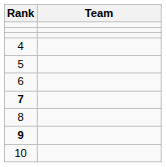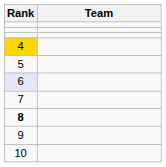 <table class="wikitable">
 <tr>
 <th>Rank</th>
 <th width=170>Team</th>
 </tr>
 <tr>
 <td align=center></td>
 <td></td>
 </tr>
 <tr>
 <td align=center></td>
 <td></td>
 </tr>
 <tr>
 <td align=center></td>
 <td></td>
 </tr>
 <tr>
-<td align=center>4</td>
+<td align=center style="background: gold;">4</td>
 <td></td>
 </tr>
 <tr>
 <td align=center>5</td>
 <td></td>
 </tr>
 <tr>
-<td align=center>6</td>
+<td align=center style="background: lavender;">6</td>
 <td></td>
 </tr>
 <tr>
-<td align=center><strong>7</strong></td>
+<td align=center>7</td>
 <td></td>
 </tr>
 <tr>
-<td align=center>8</td>
+<td align=center><strong>8</strong></td>
 <td></td>
 </tr>
 <tr>
-<td align=center><strong>9</strong></td>
+<td align=center>9</td>
 <td></td>
 </tr>
 <tr>
 <td align=center>10</td>
 <td></td>
 </tr>
 </table>
